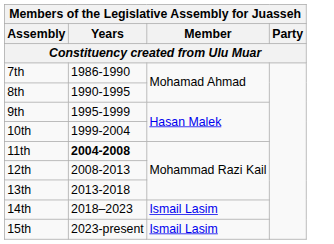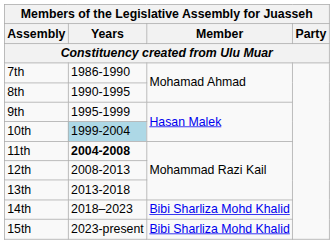 <table class=wikitable>
 <tr>
 <th colspan=4>Members of the Legislative Assembly for Juasseh</th>
 </tr>
 <tr>
 <th>Assembly</th>
 <th>Years</th>
 <th>Member</th>
 <th>Party</th>
 </tr>
 <tr>
 <th colspan=4 align=center><em>Constituency created from Ulu Muar</em></th>
 </tr>
 <tr>
 <td>7th</td>
 <td>1986-1990</td>
 <td rowspan="2">Mohamad Ahmad</td>
 <td rowspan="9"></td>
 </tr>
 <tr>
 <td>8th</td>
 <td>1990-1995</td>
 </tr>
 <tr>
 <td>9th</td>
 <td>1995-1999</td>
 <td rowspan="2"><a href='#'>Hasan Malek</a></td>
 </tr>
 <tr>
 <td>10th</td>
-<td>1999-2004</td>
+<td style="background: lightblue;">1999-2004</td>
 </tr>
 <tr>
 <td>11th</td>
 <td><strong>2004-2008</strong></td>
 <td rowspan="3">Mohammad Razi Kail</td>
 </tr>
 <tr>
 <td>12th</td>
 <td>2008-2013</td>
 </tr>
 <tr>
 <td>13th</td>
 <td>2013-2018</td>
 </tr>
 <tr>
 <td>14th</td>
 <td>2018–2023</td>
-<td><a href='#'>Ismail Lasim</a></td>
+<td><a href='#'>Bibi Sharliza Mohd Khalid</a></td>
 </tr>
 <tr>
 <td>15th</td>
 <td>2023-present</td>
-<td><a href='#'>Ismail Lasim</a></td>
+<td><a href='#'>Bibi Sharliza Mohd Khalid</a></td>
 </tr>
 </table>
